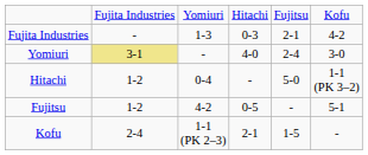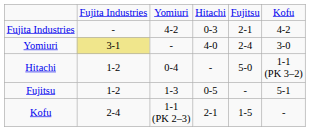 <table class="wikitable">
 <tr align=center>
 <td></td>
 <td><a href='#'>Fujita Industries</a></td>
 <td><a href='#'>Yomiuri</a></td>
 <td><a href='#'>Hitachi</a></td>
 <td><a href='#'>Fujitsu</a></td>
 <td><a href='#'>Kofu</a></td>
 </tr>
 <tr align=center>
 <td><a href='#'>Fujita Industries</a></td>
 <td>-</td>
-<td>1-3</td>
+<td>4-2</td>
 <td>0-3</td>
 <td>2-1</td>
 <td>4-2</td>
 </tr>
 <tr align=center>
 <td><a href='#'>Yomiuri</a></td>
 <td style="background: khaki;">3-1</td>
 <td>-</td>
 <td>4-0</td>
 <td>2-4</td>
 <td>3-0</td>
 </tr>
 <tr align=center>
 <td><a href='#'>Hitachi</a></td>
 <td>1-2</td>
 <td>0-4</td>
 <td>-</td>
 <td>5-0</td>
 <td>1-1<br>(PK 3–2)</td>
 </tr>
 <tr align=center>
 <td><a href='#'>Fujitsu</a></td>
 <td>1-2</td>
-<td>4-2</td>
+<td>1-3</td>
 <td>0-5</td>
 <td>-</td>
 <td>5-1</td>
 </tr>
 <tr align=center>
 <td><a href='#'>Kofu</a></td>
 <td>2-4</td>
 <td>1-1<br>(PK 2–3)</td>
 <td>2-1</td>
 <td>1-5</td>
 <td>-</td>
 </tr>
 </table>
